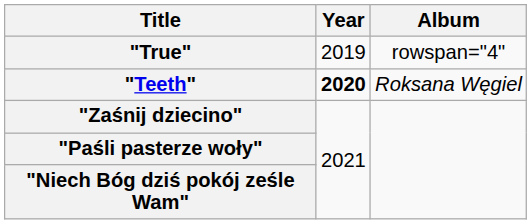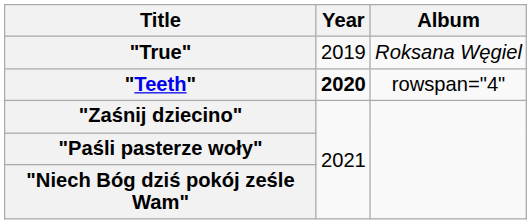 <table class="wikitable plainrowheaders" style="text-align:center;">
 <tr>
 <th scope="col" style="width:15em;">Title</th>
 <th scope="col" style="width:1em;">Year</th>
 <th scope="col">Album</th>
 </tr>
 <tr>
 <th scope="row">"True"</th>
 <td>2019</td>
-<td>rowspan="4" </td>
+<td><em>Roksana Węgiel</em></td>
 </tr>
 <tr>
 <th scope="row">"<a href='#'>Teeth</a>"</th>
 <td><strong>2020</strong></td>
-<td><em>Roksana Węgiel</em></td>
+<td>rowspan="4" </td>
 </tr>
 <tr>
 <th scope="row">"Zaśnij dziecino"</th>
 <td rowspan="3">2021</td>
 </tr>
 <tr>
 <th scope="row">"Paśli pasterze woły"</th>
 </tr>
 <tr>
 <th scope="row">"Niech Bóg dziś pokój ześle Wam"</th>
 </tr>
 </table>
